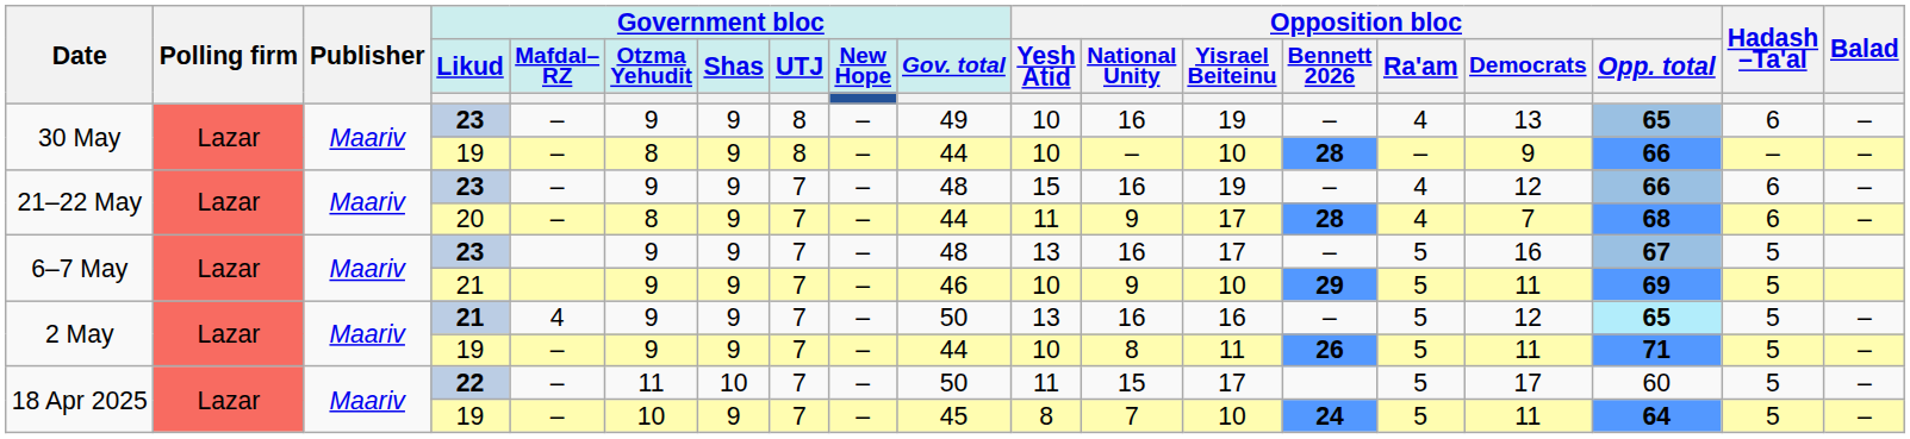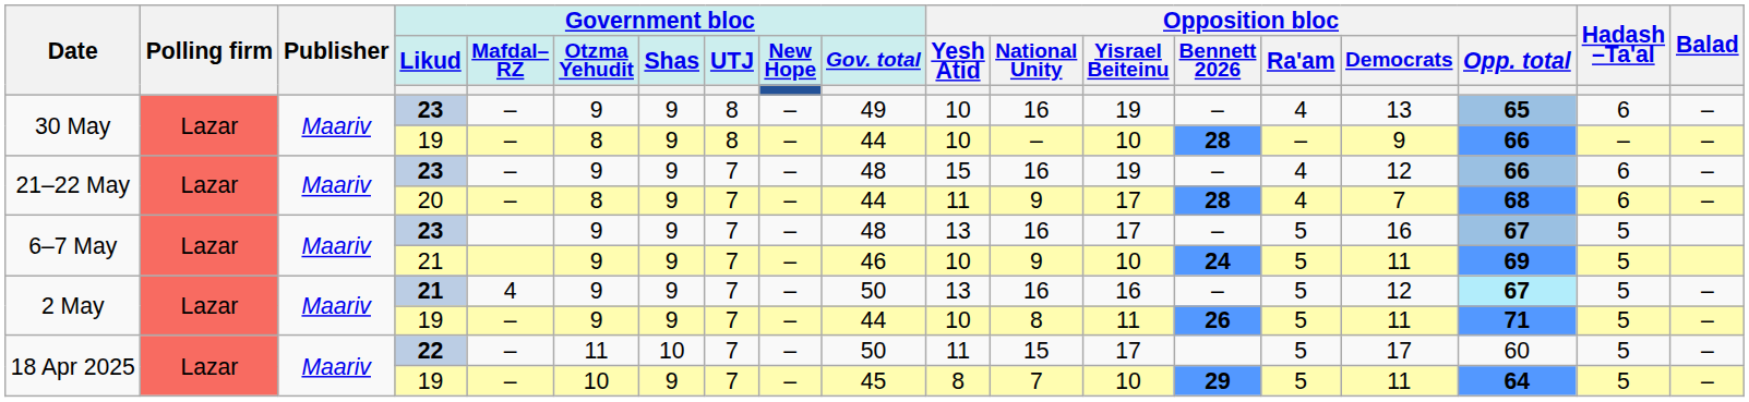 <table class="wikitable sortable" style="text-align:center;font-size:90%;line-height:12px">
 <tr>
 <th rowspan=3>Date</th>
 <th rowspan=3>Polling firm</th>
 <th rowspan=3>Publisher</th>
 <th colspan="7" style="background:#cee;"><a href='#'>Government bloc</a></th>
 <th colspan="7"><a href='#'>Opposition bloc</a></th>
 <th rowspan="2"><a href='#'>Hadash<br>–Ta'al</a></th>
 <th rowspan="2"><a href='#'>Balad</a></th>
 </tr>
 <tr>
 <th style="background:#cee"><a href='#'>Likud</a></th>
 <th style="background:#cee;font-size:90%"><a href='#'>Mafdal–<br>RZ</a></th>
 <th style="background:#cee;font-size:90%"><a href='#'>Otzma<br>Yehudit</a></th>
 <th style="background:#cee"><a href='#'>Shas</a></th>
 <th style="background:#cee"><a href='#'>UTJ</a></th>
 <th style="background:#cee;font-size:90%"><a href='#'>New<br>Hope</a></th>
 <th style="background:#cee;font-size:90%"><a href='#'><em>Gov. total</em></a></th>
 <th><a href='#'>Yesh<br>Atid</a></th>
 <th style="font-size:90%"><a href='#'>National<br>Unity</a></th>
 <th style="font-size:90%"><a href='#'>Yisrael<br>Beiteinu</a></th>
 <th style="font-size:90%"><a href='#'>Bennett<br>2026</a></th>
 <th><a href='#'>Ra'am</a></th>
 <th style="font-size:90%"><a href='#'>Democrats</a></th>
 <th><a href='#'><em>Opp. total</em></a></th>
 </tr>
 <tr>
 <th style="background:"></th>
 <th style="background:"></th>
 <th style="background:"></th>
 <th style="background:"></th>
 <th style="background:"></th>
 <th style="background:#235298"></th>
 <th style="background:"></th>
 <th style="background:"></th>
 <th style="background:"></th>
 <th style="background:"></th>
 <th style=background:></th>
 <th style="background:"></th>
 <th style="background:"></th>
 <th style="background:"></th>
 <th style="background:"></th>
 <th style="background:"></th>
 </tr>
 <tr>
 <td rowspan=2 data-sort-value=2025-05-30>30 May</td>
 <td rowspan=2 style=background:#F86B61>Lazar</td>
 <td rowspan=2><em><a href='#'>Maariv</a></em></td>
 <td rowspan=1 style=background:#BBCDE4><strong>23</strong></td>
 <td>–                 </td>
 <td>9                 </td>
 <td>9                  </td>
 <td>8                  </td>
 <td>–                 </td>
 <td>49                  </td>
 <td>10                 </td>
 <td>16                 </td>
 <td>19                 </td>
 <td>– </td>
 <td>4                  </td>
 <td>13                 </td>
 <td style=background:#9ac0e2><strong>65</strong></td>
 <td>6                  </td>
 <td>–   </td>
 </tr>
 <tr>
 <td style=background:#fffdb0>19 </td>
 <td style=background:#fffdb0>–	</td>
 <td style=background:#fffdb0>8                 </td>
 <td style=background:#fffdb0>9                 </td>
 <td style=background:#fffdb0>8                  </td>
 <td style=background:#fffdb0>–                  </td>
 <td style=background:#fffdb0>44                   </td>
 <td style=background:#fffdb0>10                 </td>
 <td style=background:#fffdb0>–                 </td>
 <td style=background:#fffdb0>10                 </td>
 <td style=background:#5398ff><strong>28</strong> </td>
 <td style=background:#fffdb0>–                  </td>
 <td style=background:#fffdb0>9                 </td>
 <td style=background:#5398ff><strong>66</strong></td>
 <td style=background:#fffdb0>–                  </td>
 <td style=background:#fffdb0>–   </td>
 </tr>
 <tr>
 <td rowspan=2 data-sort-value=2025-05-22>21–22 May</td>
 <td rowspan=2 style=background:#F86B61>Lazar</td>
 <td rowspan=2><em><a href='#'>Maariv</a></em></td>
 <td style=background:#BBCDE4><strong>23</strong></td>
 <td>–                 </td>
 <td>9                 </td>
 <td>9                  </td>
 <td>7                  </td>
 <td>–                 </td>
 <td>48                  </td>
 <td>15                 </td>
 <td>16                 </td>
 <td>19                 </td>
 <td>–</td>
 <td>4                  </td>
 <td>12                 </td>
 <td style=background:#9ac0e2><strong>66</strong></td>
 <td>6                  </td>
 <td>–   </td>
 </tr>
 <tr>
 <td style=background:#fffdb0>20 </td>
 <td style=background:#fffdb0>–	</td>
 <td style=background:#fffdb0>8                 </td>
 <td style=background:#fffdb0>9                 </td>
 <td style=background:#fffdb0>7                  </td>
 <td style=background:#fffdb0>–                  </td>
 <td style=background:#fffdb0>44                   </td>
 <td style=background:#fffdb0>11                 </td>
 <td style=background:#fffdb0>9                 </td>
 <td style=background:#fffdb0>17                 </td>
 <td style=background:#5398ff><strong>28</strong> </td>
 <td style=background:#fffdb0>4                  </td>
 <td style=background:#fffdb0>7                 </td>
 <td style=background:#5398ff><strong>68</strong></td>
 <td style=background:#fffdb0>6                  </td>
 <td style=background:#fffdb0>–   </td>
 </tr>
 <tr>
 <td rowspan=2 data-sort-value=2025-04-18>6–7 May</td>
 <td rowspan=2 style=background:#F86B61>Lazar</td>
 <td rowspan=2><em><a href='#'>Maariv</a></em></td>
 <td style=background:#BBCDE4><strong>23</strong></td>
 <td>                  </td>
 <td>9                 </td>
 <td>9                  </td>
 <td>7                  </td>
 <td>–                 </td>
 <td>48                  </td>
 <td>13                 </td>
 <td>16                 </td>
 <td>17                 </td>
 <td>–                 </td>
 <td>5                  </td>
 <td>16                 </td>
 <td style=background:#9ac0e2><strong>67</strong></td>
 <td>5                  </td>
 <td>   </td>
 </tr>
 <tr>
 <td style=background:#fffdb0>21 </td>
 <td style=background:#fffdb0>	</td>
 <td style=background:#fffdb0>9                 </td>
 <td style=background:#fffdb0>9                 </td>
 <td style=background:#fffdb0>7                  </td>
 <td style=background:#fffdb0>–                  </td>
 <td style=background:#fffdb0>46                  </td>
 <td style=background:#fffdb0>10                 </td>
 <td style=background:#fffdb0>9                 </td>
 <td style=background:#fffdb0>10                 </td>
-<td style=background:#5398ff><strong>29</strong> </td>
+<td style=background:#5398ff><strong>24</strong> </td>
 <td style=background:#fffdb0>5                  </td>
 <td style=background:#fffdb0>11                 </td>
 <td style=background:#5398ff><strong>69</strong></td>
 <td style=background:#fffdb0>5                  </td>
 <td style=background:#fffdb0>   </td>
 </tr>
 <tr>
 <td rowspan=2 data-sort-value=2025-04-18>2 May</td>
 <td rowspan=2 style=background:#F86B61>Lazar</td>
 <td rowspan=2><em><a href='#'>Maariv</a></em></td>
 <td style=background:#BBCDE4><strong>21</strong></td>
 <td>4	                </td>
 <td>9                  </td>
 <td>9                  </td>
 <td>7                  </td>
 <td>–                  </td>
 <td>50                 </td>
 <td>13                 </td>
 <td>16                 </td>
 <td>16                 </td>
 <td>–                 </td>
 <td>5                  </td>
 <td>12                 </td>
-<td style=background:#B2EDFB><strong>65</strong></td>
+<td style=background:#B2EDFB><strong>67</strong></td>
 <td>5                  </td>
 <td>–   </td>
 </tr>
 <tr>
 <td style=background:#fffdb0>19 </td>
 <td style=background:#fffdb0>–	</td>
 <td style=background:#fffdb0>9                 </td>
 <td style=background:#fffdb0>9                 </td>
 <td style=background:#fffdb0>7                  </td>
 <td style=background:#fffdb0>–                  </td>
 <td style=background:#fffdb0>44                  </td>
 <td style=background:#fffdb0>10                 </td>
 <td style=background:#fffdb0>8                 </td>
 <td style=background:#fffdb0>11                 </td>
 <td style=background:#5398ff><strong>26</strong> </td>
 <td style=background:#fffdb0>5                  </td>
 <td style=background:#fffdb0>11                 </td>
 <td style=background:#5398ff><strong>71</strong></td>
 <td style=background:#fffdb0>5                  </td>
 <td style=background:#fffdb0>–   </td>
 </tr>
 <tr>
 <td rowspan=2 data-sort-value=2025-04-18>18 Apr 2025</td>
 <td rowspan=2 style=background:#F86B61>Lazar</td>
 <td rowspan=2><em><a href='#'>Maariv</a></em></td>
 <td style=background:#BBCDE4><strong>22</strong></td>
 <td>–	</td>
 <td>11                 </td>
 <td>10                  </td>
 <td>7                  </td>
 <td>–                  </td>
 <td>50                  </td>
 <td>11                 </td>
 <td>15                 </td>
 <td>17                 </td>
 <td></td>
 <td>5                  </td>
 <td>17                 </td>
 <td>60</td>
 <td>5                  </td>
 <td>–   </td>
 </tr>
 <tr>
 <td style=background:#fffdb0>19 </td>
 <td style=background:#fffdb0>–	</td>
 <td style=background:#fffdb0>10                 </td>
 <td style=background:#fffdb0>9                 </td>
 <td style=background:#fffdb0>7                  </td>
 <td style=background:#fffdb0>–                  </td>
 <td style=background:#fffdb0>45                  </td>
 <td style=background:#fffdb0>8                 </td>
 <td style=background:#fffdb0>7                 </td>
 <td style=background:#fffdb0>10                 </td>
-<td style=background:#5398ff><strong>24</strong> </td>
+<td style=background:#5398ff><strong>29</strong> </td>
 <td style=background:#fffdb0>5                  </td>
 <td style=background:#fffdb0>11                 </td>
 <td style=background:#5398ff><strong>64</strong></td>
 <td style=background:#fffdb0>5                  </td>
 <td style=background:#fffdb0>–   </td>
 </tr>
 </table>
